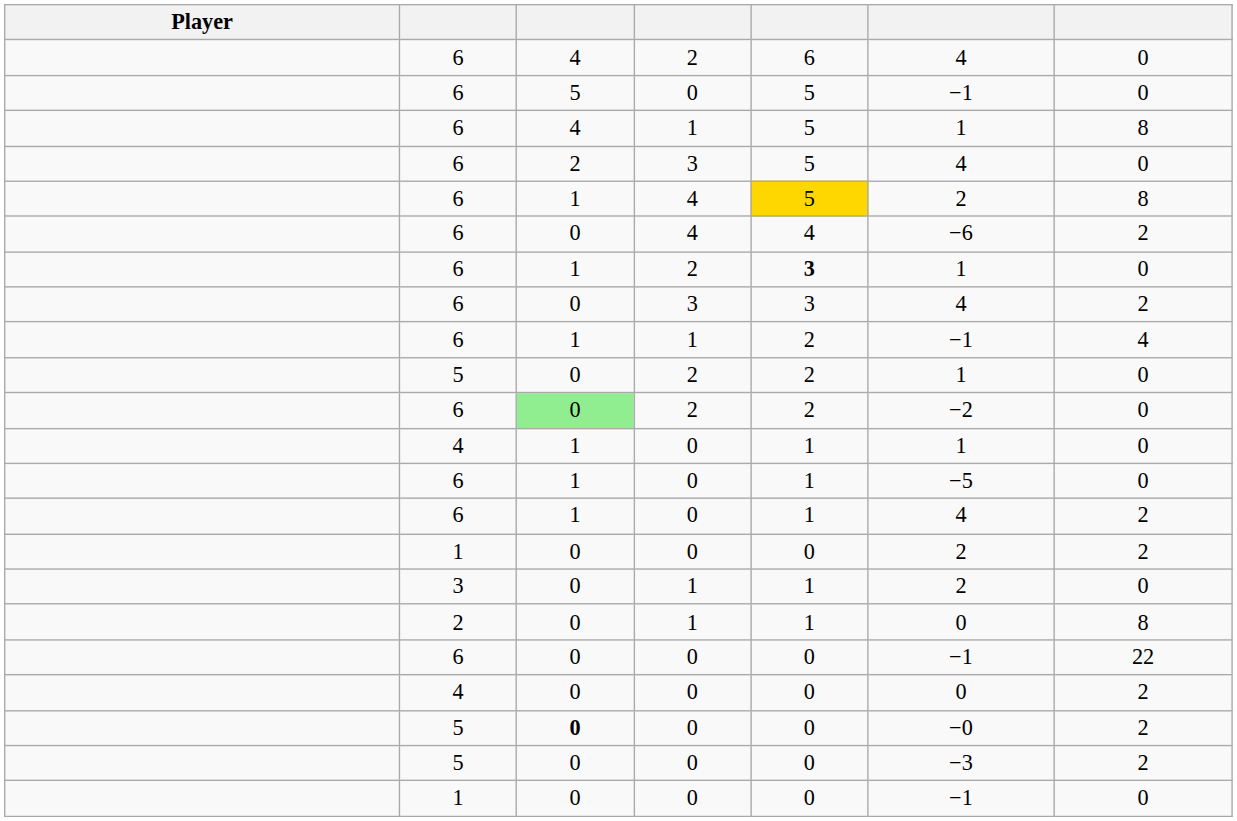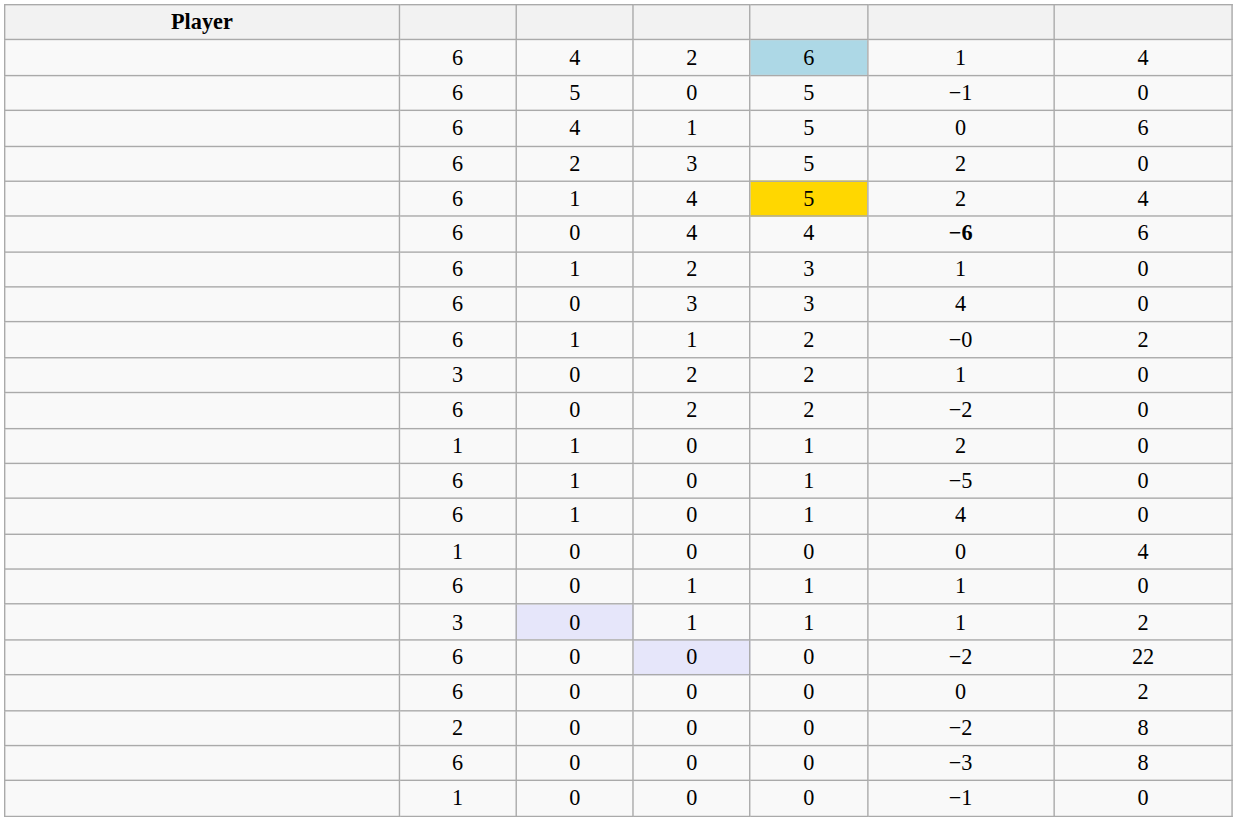 <table class="wikitable sortable" style="width:100%;">
 <tr align=center>
 <th>Player</th>
 <th></th>
 <th></th>
 <th></th>
 <th></th>
 <th data-sort-type="number"></th>
 <th></th>
 </tr>
 <tr align=center>
 <td></td>
 <td>6</td>
 <td>4</td>
 <td>2</td>
-<td>6</td>
+<td style="background: lightblue;">6</td>
+<td>1</td>
 <td>4</td>
-<td>0</td>
 </tr>
 <tr align=center>
 <td></td>
 <td>6</td>
 <td>5</td>
 <td>0</td>
 <td>5</td>
 <td>−1</td>
 <td>0</td>
 </tr>
 <tr align=center>
 <td></td>
 <td>6</td>
 <td>4</td>
 <td>1</td>
 <td>5</td>
-<td>1</td>
-<td>8</td>
+<td>0</td>
+<td>6</td>
 </tr>
 <tr align=center>
 <td></td>
 <td>6</td>
 <td>2</td>
 <td>3</td>
 <td>5</td>
-<td>4</td>
+<td>2</td>
 <td>0</td>
 </tr>
 <tr align=center>
 <td></td>
 <td>6</td>
 <td>1</td>
 <td>4</td>
 <td style="background: gold;">5</td>
 <td>2</td>
-<td>8</td>
+<td>4</td>
 </tr>
 <tr align=center>
 <td></td>
 <td>6</td>
 <td>0</td>
 <td>4</td>
 <td>4</td>
-<td>−6</td>
-<td>2</td>
+<td><strong>−6</strong></td>
+<td>6</td>
 </tr>
 <tr align=center>
 <td></td>
 <td>6</td>
 <td>1</td>
 <td>2</td>
-<td><strong>3</strong></td>
+<td>3</td>
 <td>1</td>
 <td>0</td>
 </tr>
 <tr align=center>
 <td></td>
 <td>6</td>
 <td>0</td>
 <td>3</td>
 <td>3</td>
 <td>4</td>
-<td>2</td>
+<td>0</td>
 </tr>
 <tr align=center>
 <td></td>
 <td>6</td>
 <td>1</td>
 <td>1</td>
 <td>2</td>
-<td>−1</td>
-<td>4</td>
+<td>−0</td>
+<td>2</td>
 </tr>
 <tr align=center>
 <td></td>
-<td>5</td>
+<td>3</td>
 <td>0</td>
 <td>2</td>
 <td>2</td>
 <td>1</td>
 <td>0</td>
 </tr>
 <tr align=center>
 <td></td>
 <td>6</td>
-<td style="background: lightgreen;">0</td>
+<td>0</td>
 <td>2</td>
 <td>2</td>
 <td>−2</td>
 <td>0</td>
 </tr>
 <tr align=center>
 <td></td>
-<td>4</td>
+<td>1</td>
 <td>1</td>
 <td>0</td>
 <td>1</td>
-<td>1</td>
+<td>2</td>
 <td>0</td>
 </tr>
 <tr align=center>
 <td></td>
 <td>6</td>
 <td>1</td>
 <td>0</td>
 <td>1</td>
 <td>−5</td>
 <td>0</td>
 </tr>
 <tr align=center>
 <td></td>
 <td>6</td>
 <td>1</td>
 <td>0</td>
 <td>1</td>
 <td>4</td>
-<td>2</td>
+<td>0</td>
 </tr>
 <tr align=center>
 <td></td>
 <td>1</td>
 <td>0</td>
 <td>0</td>
 <td>0</td>
-<td>2</td>
+<td>0</td>
+<td>4</td>
+</tr>
+<tr align=center>
+<td></td>
+<td>6</td>
+<td>0</td>
+<td>1</td>
+<td>1</td>
+<td>1</td>
+<td>0</td>
+</tr>
+<tr align=center>
+<td></td>
+<td>3</td>
+<td style="background: lavender;">0</td>
+<td>1</td>
+<td>1</td>
+<td>1</td>
 <td>2</td>
 </tr>
 <tr align=center>
 <td></td>
-<td>3</td>
+<td>6</td>
 <td>0</td>
-<td>1</td>
-<td>1</td>
+<td style="background: lavender;">0</td>
+<td>0</td>
+<td>−2</td>
+<td>22</td>
+</tr>
+<tr align=center>
+<td></td>
+<td>6</td>
+<td>0</td>
+<td>0</td>
+<td>0</td>
+<td>0</td>
 <td>2</td>
-<td>0</td>
 </tr>
 <tr align=center>
 <td></td>
 <td>2</td>
 <td>0</td>
-<td>1</td>
-<td>1</td>
 <td>0</td>
+<td>0</td>
+<td>−2</td>
 <td>8</td>
 </tr>
 <tr align=center>
 <td></td>
 <td>6</td>
 <td>0</td>
 <td>0</td>
 <td>0</td>
-<td>−1</td>
-<td>22</td>
-</tr>
-<tr align=center>
-<td></td>
-<td>4</td>
-<td>0</td>
-<td>0</td>
-<td>0</td>
-<td>0</td>
-<td>2</td>
-</tr>
-<tr align=center>
-<td></td>
-<td>5</td>
-<td><strong>0</strong></td>
-<td>0</td>
-<td>0</td>
-<td>−0</td>
-<td>2</td>
-</tr>
-<tr align=center>
-<td></td>
-<td>5</td>
-<td>0</td>
-<td>0</td>
-<td>0</td>
 <td>−3</td>
-<td>2</td>
+<td>8</td>
 </tr>
 <tr align=center>
 <td></td>
 <td>1</td>
 <td>0</td>
 <td>0</td>
 <td>0</td>
 <td>−1</td>
 <td>0</td>
 </tr>
 </table>
